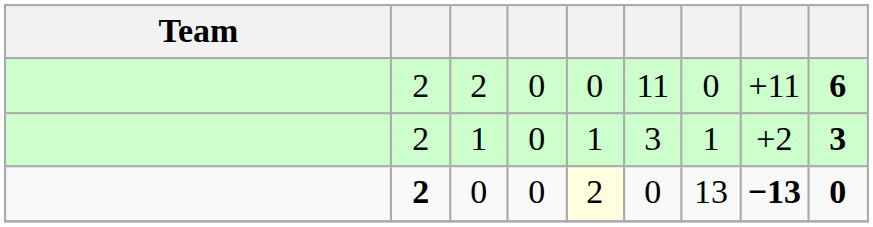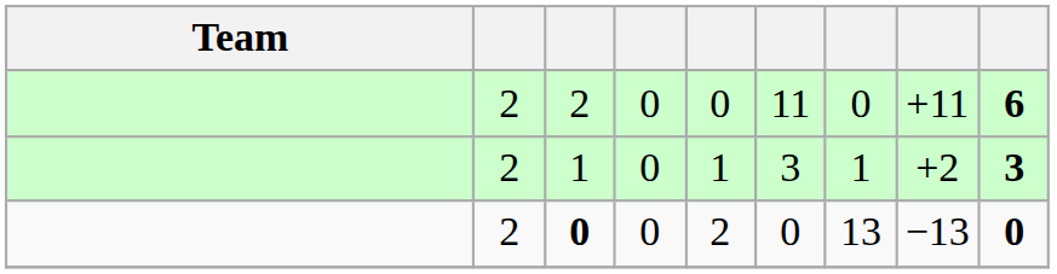 <table class="wikitable" style="text-align:center">
 <tr>
 <th width="175">Team</th>
 <th width="20"></th>
 <th width="20"></th>
 <th width="20"></th>
 <th width="20"></th>
 <th width="20"></th>
 <th width="20"></th>
 <th width="20"></th>
 <th width="20"></th>
 </tr>
 <tr bgcolor=#ccffcc>
 <td align=left></td>
 <td>2</td>
 <td>2</td>
 <td>0</td>
 <td>0</td>
 <td>11</td>
 <td>0</td>
 <td>+11</td>
 <td><strong>6</strong></td>
 </tr>
 <tr bgcolor=#ccffcc>
 <td align=left></td>
 <td>2</td>
 <td>1</td>
 <td>0</td>
 <td>1</td>
 <td>3</td>
 <td>1</td>
 <td>+2</td>
 <td><strong>3</strong></td>
 </tr>
 <tr>
 <td align=left></td>
-<td><strong>2</strong></td>
+<td>2</td>
+<td><strong>0</strong></td>
 <td>0</td>
-<td>0</td>
-<td style="background: lightyellow;">2</td>
+<td>2</td>
 <td>0</td>
 <td>13</td>
-<td><strong>−13</strong></td>
+<td>−13</td>
 <td><strong>0</strong></td>
 </tr>
 <tr>
 </tr>
 </table>
